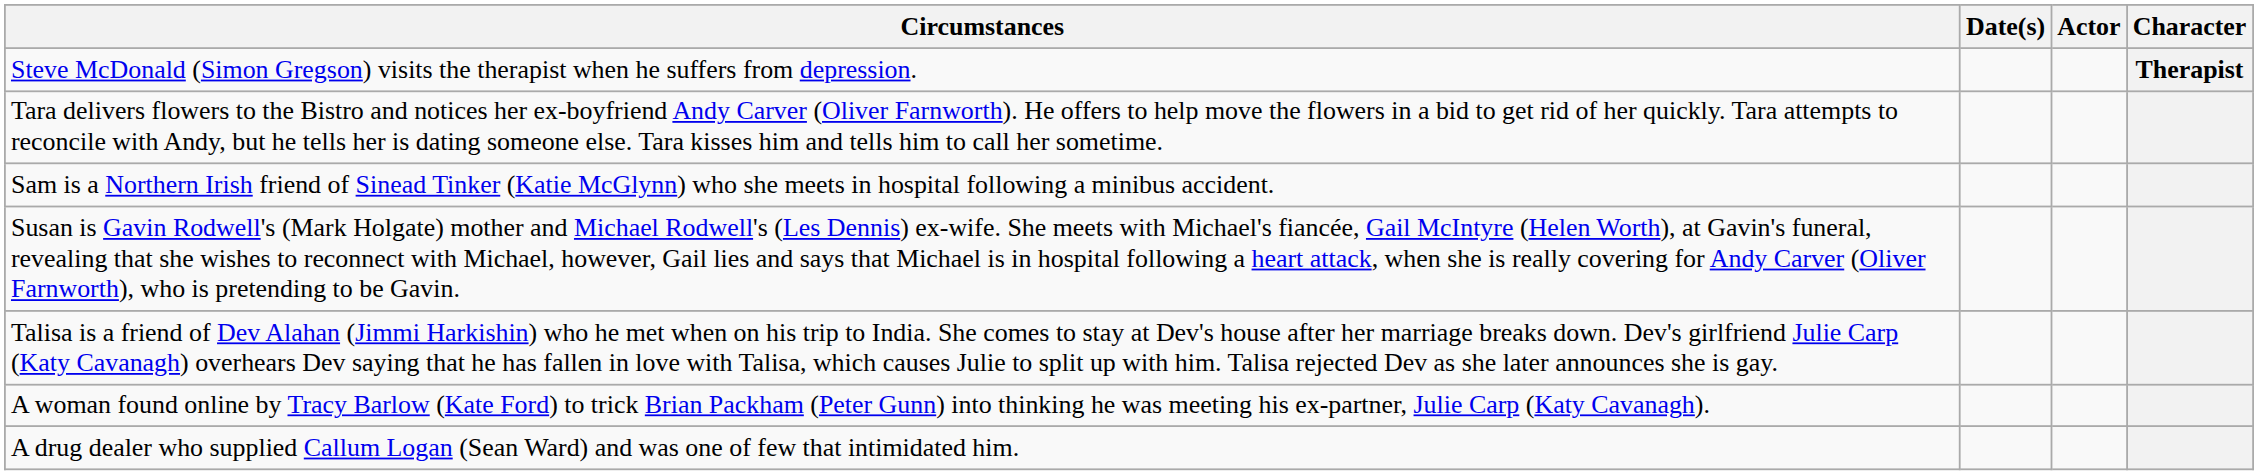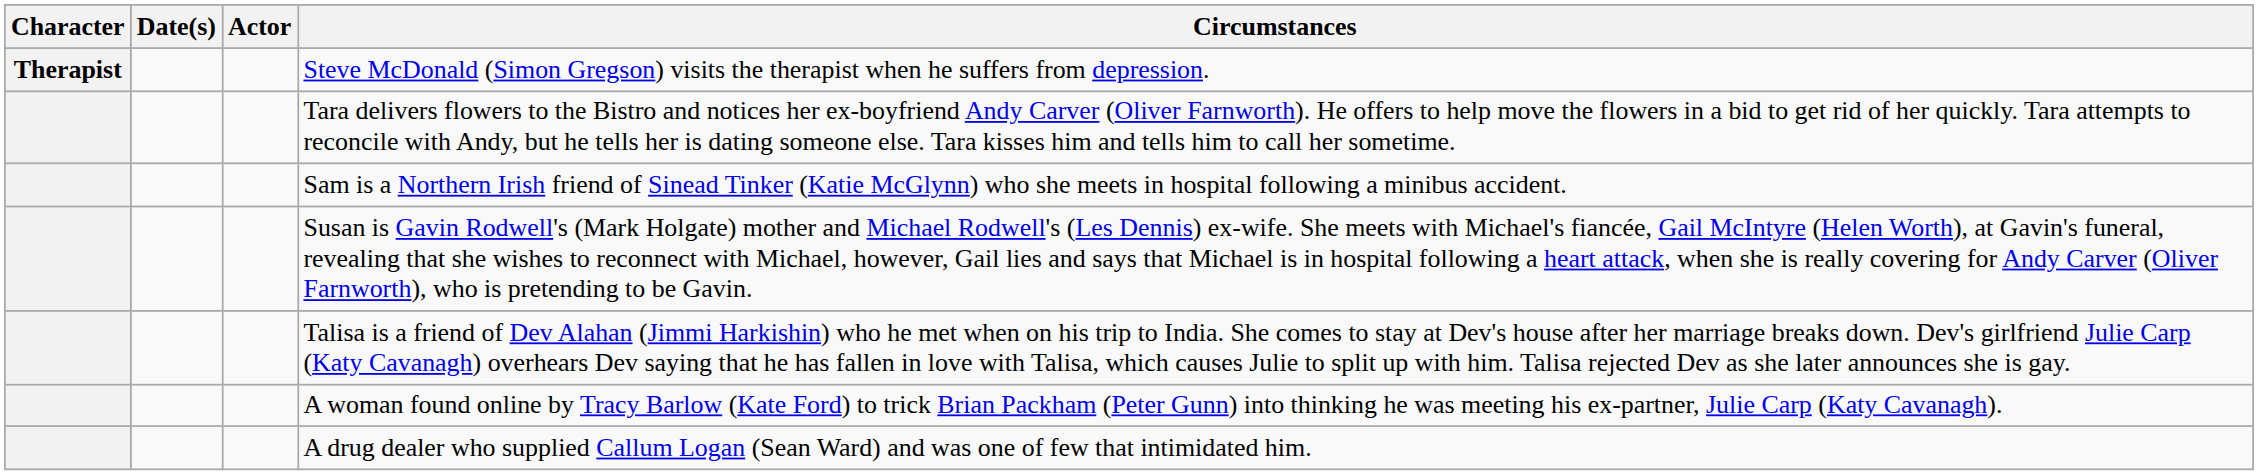 <table class="wikitable plainrowheaders" style="font-size:90%">
 <tr>
-<th scope="col">Circumstances</th>
+<th scope="col">Character</th>
 <th scope="col">Date(s)</th>
 <th scope="col">Actor</th>
-<th scope="col">Character</th>
+<th scope="col">Circumstances</th>
 </tr>
 <tr valign="top">
-<td><a href='#'>Steve McDonald</a> (<a href='#'>Simon Gregson</a>) visits the therapist when he suffers from <a href='#'>depression</a>.</td>
+<th scope="row">Therapist</th>
 <td></td>
 <td></td>
-<th scope="row">Therapist</th>
+<td><a href='#'>Steve McDonald</a> (<a href='#'>Simon Gregson</a>) visits the therapist when he suffers from <a href='#'>depression</a>.</td>
 </tr>
 <tr valign="top">
-<td>Tara delivers flowers to the Bistro and notices her ex-boyfriend <a href='#'>Andy Carver</a> (<a href='#'>Oliver Farnworth</a>). He offers to help move the flowers in a bid to get rid of her quickly. Tara attempts to reconcile with Andy, but he tells her is dating someone else. Tara kisses him and tells him to call her sometime.</td>
+<th scope="row"></th>
 <td></td>
 <td></td>
-<th scope="row"></th>
+<td>Tara delivers flowers to the Bistro and notices her ex-boyfriend <a href='#'>Andy Carver</a> (<a href='#'>Oliver Farnworth</a>). He offers to help move the flowers in a bid to get rid of her quickly. Tara attempts to reconcile with Andy, but he tells her is dating someone else. Tara kisses him and tells him to call her sometime.</td>
 </tr>
 <tr valign="top">
-<td>Sam is a <a href='#'>Northern Irish</a> friend of <a href='#'>Sinead Tinker</a> (<a href='#'>Katie McGlynn</a>) who she meets in hospital following a minibus accident.</td>
+<th scope="row"></th>
 <td></td>
 <td></td>
-<th scope="row"></th>
+<td>Sam is a <a href='#'>Northern Irish</a> friend of <a href='#'>Sinead Tinker</a> (<a href='#'>Katie McGlynn</a>) who she meets in hospital following a minibus accident.</td>
 </tr>
 <tr valign="top">
-<td>Susan is <a href='#'>Gavin Rodwell</a>'s (Mark Holgate) mother and <a href='#'>Michael Rodwell</a>'s (<a href='#'>Les Dennis</a>) ex-wife. She meets with Michael's fiancée, <a href='#'>Gail McIntyre</a> (<a href='#'>Helen Worth</a>), at Gavin's funeral, revealing that she wishes to reconnect with Michael, however, Gail lies and says that Michael is in hospital following a <a href='#'>heart attack</a>, when she is really covering for <a href='#'>Andy Carver</a> (<a href='#'>Oliver Farnworth</a>), who is pretending to be Gavin.</td>
+<th scope="row"></th>
 <td></td>
 <td></td>
-<th scope="row"></th>
+<td>Susan is <a href='#'>Gavin Rodwell</a>'s (Mark Holgate) mother and <a href='#'>Michael Rodwell</a>'s (<a href='#'>Les Dennis</a>) ex-wife. She meets with Michael's fiancée, <a href='#'>Gail McIntyre</a> (<a href='#'>Helen Worth</a>), at Gavin's funeral, revealing that she wishes to reconnect with Michael, however, Gail lies and says that Michael is in hospital following a <a href='#'>heart attack</a>, when she is really covering for <a href='#'>Andy Carver</a> (<a href='#'>Oliver Farnworth</a>), who is pretending to be Gavin.</td>
 </tr>
 <tr valign="top">
-<td>Talisa is a friend of <a href='#'>Dev Alahan</a> (<a href='#'>Jimmi Harkishin</a>) who he met when on his trip to India. She comes to stay at Dev's house after her marriage breaks down. Dev's girlfriend <a href='#'>Julie Carp</a> (<a href='#'>Katy Cavanagh</a>) overhears Dev saying that he has fallen in love with Talisa, which causes Julie to split up with him. Talisa rejected Dev as she later announces she is gay.</td>
+<th scope="row"></th>
 <td></td>
 <td></td>
-<th scope="row"></th>
+<td>Talisa is a friend of <a href='#'>Dev Alahan</a> (<a href='#'>Jimmi Harkishin</a>) who he met when on his trip to India. She comes to stay at Dev's house after her marriage breaks down. Dev's girlfriend <a href='#'>Julie Carp</a> (<a href='#'>Katy Cavanagh</a>) overhears Dev saying that he has fallen in love with Talisa, which causes Julie to split up with him. Talisa rejected Dev as she later announces she is gay.</td>
 </tr>
 <tr valign="top">
-<td>A woman found online by <a href='#'>Tracy Barlow</a> (<a href='#'>Kate Ford</a>) to trick <a href='#'>Brian Packham</a> (<a href='#'>Peter Gunn</a>) into thinking he was meeting his ex-partner, <a href='#'>Julie Carp</a> (<a href='#'>Katy Cavanagh</a>).</td>
+<th scope="row"></th>
 <td></td>
 <td></td>
-<th scope="row"></th>
+<td>A woman found online by <a href='#'>Tracy Barlow</a> (<a href='#'>Kate Ford</a>) to trick <a href='#'>Brian Packham</a> (<a href='#'>Peter Gunn</a>) into thinking he was meeting his ex-partner, <a href='#'>Julie Carp</a> (<a href='#'>Katy Cavanagh</a>).</td>
 </tr>
 <tr valign="top">
-<td>A drug dealer who supplied <a href='#'>Callum Logan</a> (Sean Ward) and was one of few that intimidated him.</td>
+<th scope="row"></th>
 <td></td>
 <td></td>
-<th scope="row"></th>
+<td>A drug dealer who supplied <a href='#'>Callum Logan</a> (Sean Ward) and was one of few that intimidated him.</td>
 </tr>
 </table>
